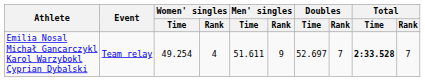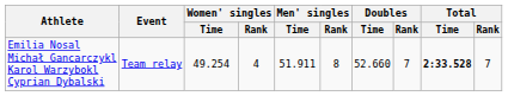 <table class="wikitable" style="font-size:90%">
 <tr>
 <th rowspan="2">Athlete</th>
 <th rowspan="2">Event</th>
 <th colspan="2">Women' singles</th>
 <th colspan="2">Men' singles</th>
 <th colspan="2">Doubles</th>
 <th colspan="2">Total</th>
 </tr>
 <tr style="font-size:95%">
 <th>Time</th>
 <th>Rank</th>
 <th>Time</th>
 <th>Rank</th>
 <th>Time</th>
 <th>Rank</th>
 <th>Time</th>
 <th>Rank</th>
 </tr>
 <tr align="center">
 <td align="left"><a href='#'>Emilia Nosal</a><br><a href='#'>Michał Gancarczykl</a><br><a href='#'>Karol Warzybokl</a><br><a href='#'>Cyprian Dybalski</a></td>
 <td align="left"><a href='#'>Team relay</a></td>
 <td>49.254</td>
 <td>4</td>
-<td>51.611</td>
-<td>9</td>
-<td>52.697</td>
+<td>51.911</td>
+<td>8</td>
+<td>52.660</td>
 <td>7</td>
 <td><strong>2:33.528</strong></td>
 <td>7</td>
 </tr>
 </table>
